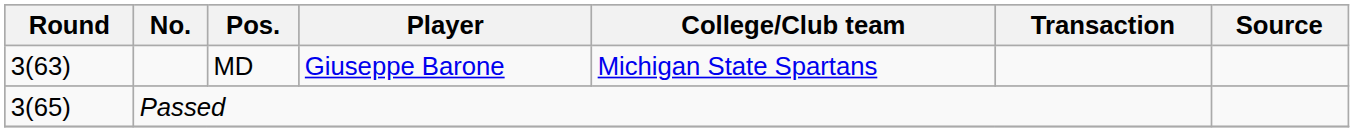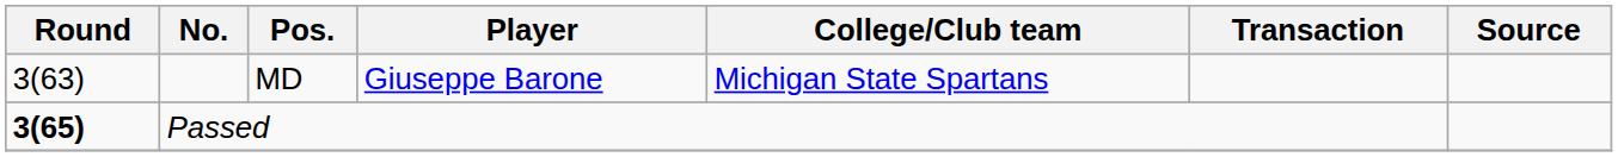 <table class="wikitable sortable" style="width:90%; text-align:center; font-size:95%; text-align:left;">
 <tr>
 <th>Round</th>
 <th>No.</th>
 <th>Pos.</th>
 <th>Player</th>
 <th>College/Club team</th>
 <th>Transaction</th>
 <th>Source</th>
 </tr>
 <tr>
 <td>3(63)</td>
 <td></td>
 <td>MD</td>
 <td> <a href='#'>Giuseppe Barone</a></td>
 <td> <a href='#'>Michigan State Spartans</a></td>
 <td></td>
 <td></td>
 </tr>
 <tr>
-<td>3(65)</td>
+<td><strong>3(65)</strong></td>
 <td colspan="5"><em>Passed</em></td>
 <td></td>
 </tr>
 <tr>
 </tr>
 </table>
